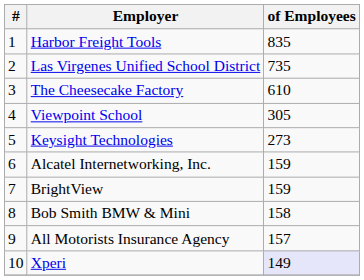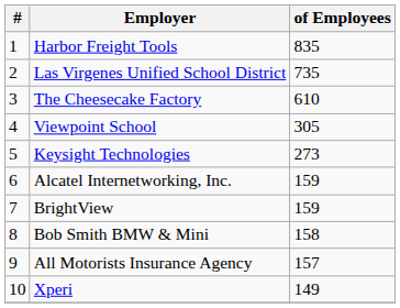 <table class="wikitable">
 <tr>
 <th>#</th>
 <th>Employer</th>
 <th> of Employees</th>
 </tr>
 <tr>
 <td>1</td>
 <td><a href='#'>Harbor Freight Tools</a></td>
 <td>835</td>
 </tr>
 <tr>
 <td>2</td>
 <td><a href='#'>Las Virgenes Unified School District</a></td>
 <td>735</td>
 </tr>
 <tr>
 <td>3</td>
 <td><a href='#'>The Cheesecake Factory</a></td>
 <td>610</td>
 </tr>
 <tr>
 <td>4</td>
 <td><a href='#'>Viewpoint School</a></td>
 <td>305</td>
 </tr>
 <tr>
 <td>5</td>
 <td><a href='#'>Keysight Technologies</a></td>
 <td>273</td>
 </tr>
 <tr>
 <td>6</td>
 <td>Alcatel Internetworking, Inc.</td>
 <td>159</td>
 </tr>
 <tr>
 <td>7</td>
 <td>BrightView</td>
 <td>159</td>
 </tr>
 <tr>
 <td>8</td>
 <td>Bob Smith BMW & Mini</td>
 <td>158</td>
 </tr>
 <tr>
 <td>9</td>
 <td>All Motorists Insurance Agency</td>
 <td>157</td>
 </tr>
 <tr>
 <td>10</td>
 <td><a href='#'>Xperi</a></td>
-<td style="background: lavender;">149</td>
+<td>149</td>
 </tr>
 <tr>
 </tr>
 </table>
